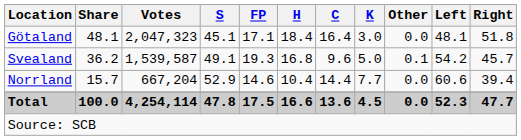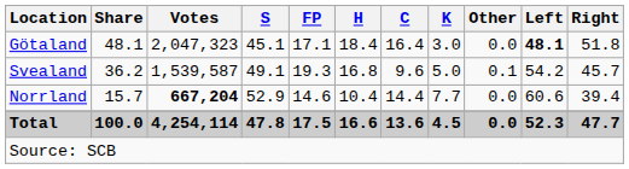 <table class="wikitable sortable" style=text-align:right>
 <tr>
 <th>Location</th>
 <th>Share</th>
 <th>Votes</th>
 <th><a href='#'>S</a></th>
 <th><a href='#'>FP</a></th>
 <th><a href='#'>H</a></th>
 <th><a href='#'>C</a></th>
 <th><a href='#'>K</a></th>
 <th>Other</th>
 <th>Left</th>
 <th>Right</th>
 </tr>
 <tr>
 <td align=left><a href='#'>Götaland</a></td>
 <td>48.1</td>
 <td>2,047,323</td>
 <td>45.1</td>
 <td>17.1</td>
 <td>18.4</td>
 <td>16.4</td>
 <td>3.0</td>
 <td>0.0</td>
-<td>48.1</td>
+<td><strong>48.1</strong></td>
 <td>51.8</td>
 </tr>
 <tr>
 <td align=left><a href='#'>Svealand</a></td>
 <td>36.2</td>
 <td>1,539,587</td>
 <td>49.1</td>
 <td>19.3</td>
 <td>16.8</td>
 <td>9.6</td>
 <td>5.0</td>
 <td>0.1</td>
 <td>54.2</td>
 <td>45.7</td>
 </tr>
 <tr>
 <td align=left><a href='#'>Norrland</a></td>
 <td>15.7</td>
-<td>667,204</td>
+<td><strong>667,204</strong></td>
 <td>52.9</td>
 <td>14.6</td>
 <td>10.4</td>
 <td>14.4</td>
 <td>7.7</td>
 <td>0.0</td>
 <td>60.6</td>
 <td>39.4</td>
 </tr>
 <tr>
 </tr>
 <tr style="background:#CDCDCD;">
 <td align=left><strong>Total</strong></td>
 <td><strong>100.0</strong></td>
 <td><strong>4,254,114</strong></td>
 <td><strong>47.8</strong></td>
 <td><strong>17.5</strong></td>
 <td><strong>16.6</strong></td>
 <td><strong>13.6</strong></td>
 <td><strong>4.5</strong></td>
 <td><strong>0.0</strong></td>
 <td><strong>52.3</strong></td>
 <td><strong>47.7</strong></td>
 </tr>
 <tr>
 <td align=left colspan=11>Source: SCB </td>
 </tr>
 </table>
